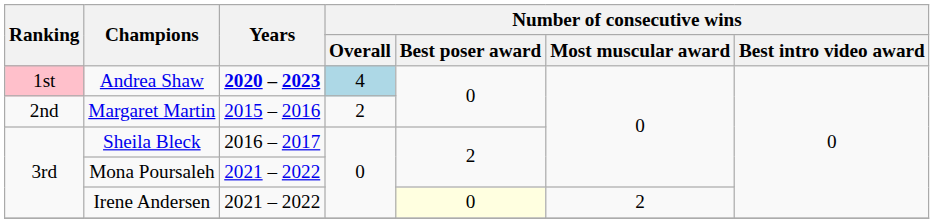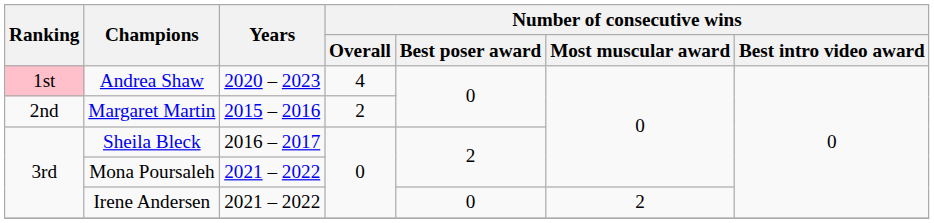 <table class="wikitable sortable" style="text-align: center">
 <tr>
 <th rowspan=2 colspan=1 align="center">Ranking</th>
 <th rowspan=2 colspan=1 align="center">Champions</th>
 <th rowspan=2 colspan=1 align="center">Years</th>
 <th rowspan=1 colspan=4 align="center">Number of consecutive wins</th>
 </tr>
 <tr>
 <th>Overall</th>
 <th>Best poser award</th>
 <th>Most muscular award</th>
 <th>Best intro video award</th>
 </tr>
 <tr>
 <td style="background: pink;">1st</td>
 <td> <a href='#'>Andrea Shaw</a></td>
-<td><strong><a href='#'>2020</a> – <a href='#'>2023</a></strong></td>
-<td style="background: lightblue;">4</td>
+<td><a href='#'>2020</a> – <a href='#'>2023</a></td>
+<td>4</td>
 <td rowspan=2>0</td>
 <td rowspan=4>0</td>
 <td rowspan=5>0</td>
 </tr>
 <tr>
 <td>2nd</td>
 <td> <a href='#'>Margaret Martin</a></td>
 <td><a href='#'>2015</a> – <a href='#'>2016</a></td>
 <td>2</td>
 </tr>
 <tr>
 <td rowspan=3 colspan=1>3rd</td>
 <td> <a href='#'>Sheila Bleck</a></td>
 <td>2016 – <a href='#'>2017</a></td>
 <td rowspan=3 colspan=1>0</td>
 <td rowspan=2 colspan=1>2</td>
 </tr>
 <tr>
 <td> Mona Poursaleh</td>
 <td><a href='#'>2021</a> – <a href='#'>2022</a></td>
 </tr>
 <tr>
 <td> Irene Andersen</td>
 <td>2021 – 2022</td>
-<td style="background: lightyellow;">0</td>
+<td>0</td>
 <td>2</td>
 </tr>
 <tr>
 </tr>
 </table>
